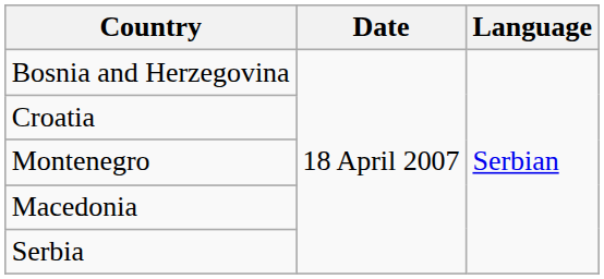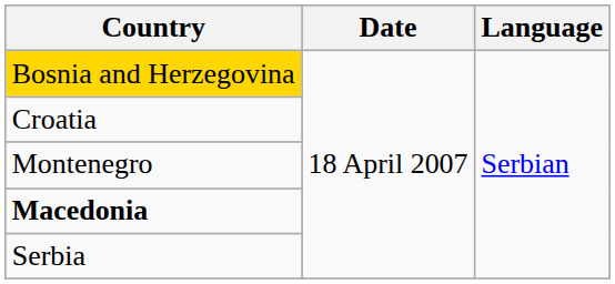 <table class="wikitable">
 <tr>
 <th>Country</th>
 <th>Date</th>
 <th>Language</th>
 </tr>
 <tr>
-<td>Bosnia and Herzegovina</td>
+<td style="background: gold;">Bosnia and Herzegovina</td>
 <td rowspan="5">18 April 2007</td>
 <td rowspan="5"><a href='#'>Serbian</a></td>
 </tr>
 <tr>
 <td>Croatia</td>
 </tr>
 <tr>
 <td>Montenegro</td>
 </tr>
 <tr>
-<td>Macedonia</td>
+<td><strong>Macedonia</strong></td>
 </tr>
 <tr>
 <td>Serbia</td>
 </tr>
 </table>
